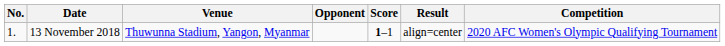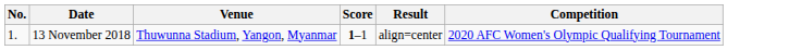 <table class="wikitable">
 <tr>
 <th>No.</th>
 <th>Date</th>
 <th>Venue</th>
-<th>Opponent</th>
 <th>Score</th>
 <th>Result</th>
 <th>Competition</th>
 </tr>
 <tr>
 <td>1.</td>
 <td>13 November 2018</td>
 <td><a href='#'>Thuwunna Stadium</a>, <a href='#'>Yangon</a>, <a href='#'>Myanmar</a></td>
-<td></td>
 <td align=center><strong>1</strong>–1</td>
 <td>align=center </td>
 <td><a href='#'>2020 AFC Women's Olympic Qualifying Tournament</a></td>
 </tr>
 </table>
